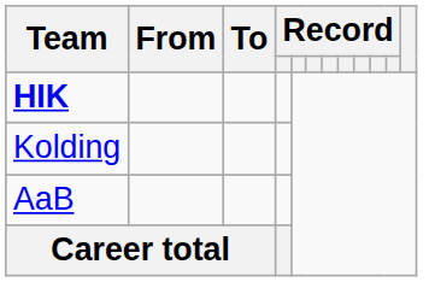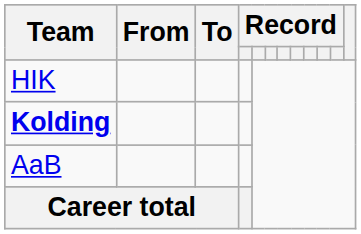 <table class="wikitable" style="text-align: center">
 <tr>
 <th rowspan="2">Team</th>
 <th rowspan="2">From</th>
 <th rowspan="2">To</th>
 <th colspan="8">Record</th>
 <th rowspan=2></th>
 </tr>
 <tr>
 <th></th>
 <th></th>
 <th></th>
 <th></th>
 <th></th>
 <th></th>
 <th></th>
 <th></th>
 </tr>
 <tr>
-<td align=left><strong><a href='#'>HIK</a></strong></td>
+<td align=left><a href='#'>HIK</a></td>
 <td align=left></td>
 <td align=left><br></td>
 <td></td>
 </tr>
 <tr>
-<td align=left><a href='#'>Kolding</a></td>
+<td align=left><strong><a href='#'>Kolding</a></strong></td>
 <td align=left></td>
 <td align=left><br></td>
 <td></td>
 </tr>
 <tr>
 <td align=left><a href='#'>AaB</a></td>
 <td align=left></td>
 <td align=left><br></td>
 <td></td>
 </tr>
 <tr>
 <th colspan=3>Career total<br></th>
 <th></th>
 </tr>
 </table>
